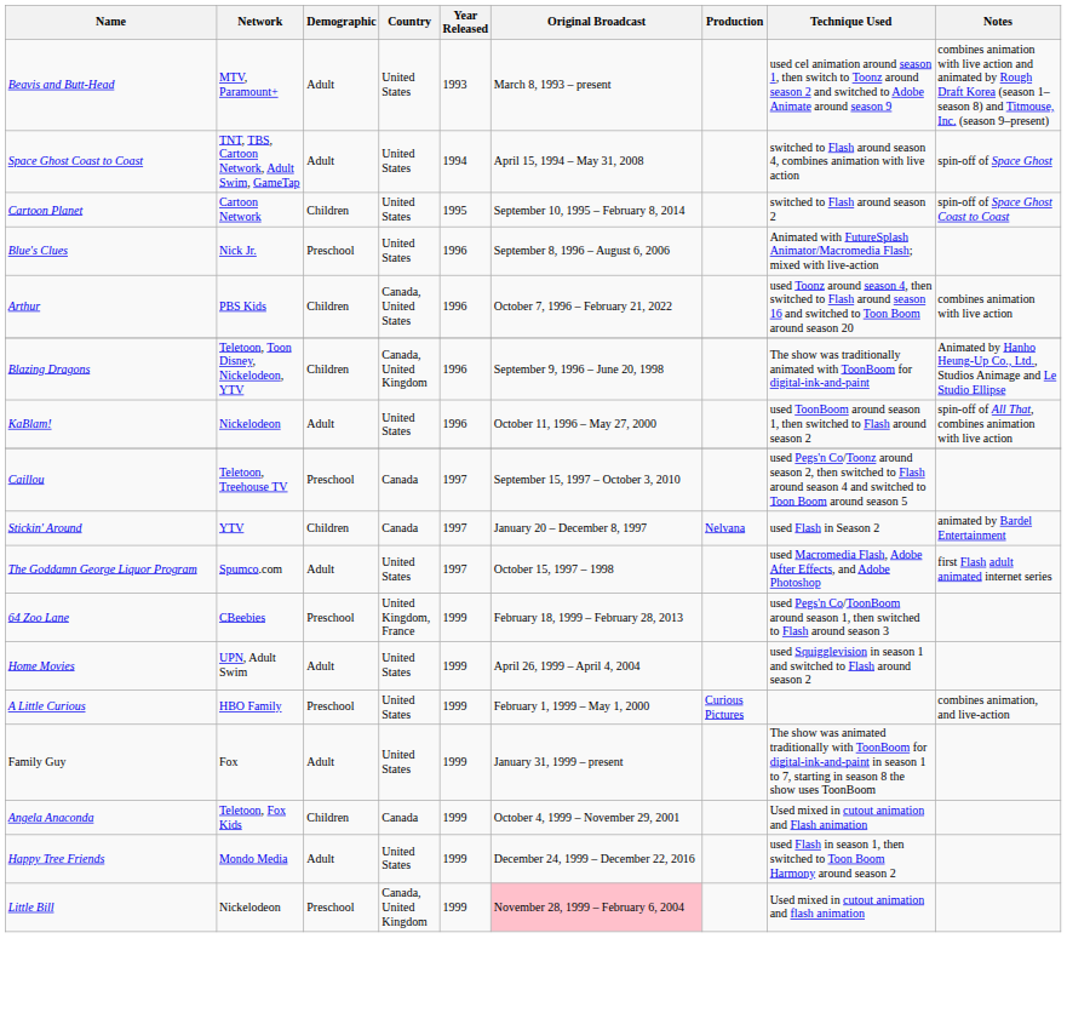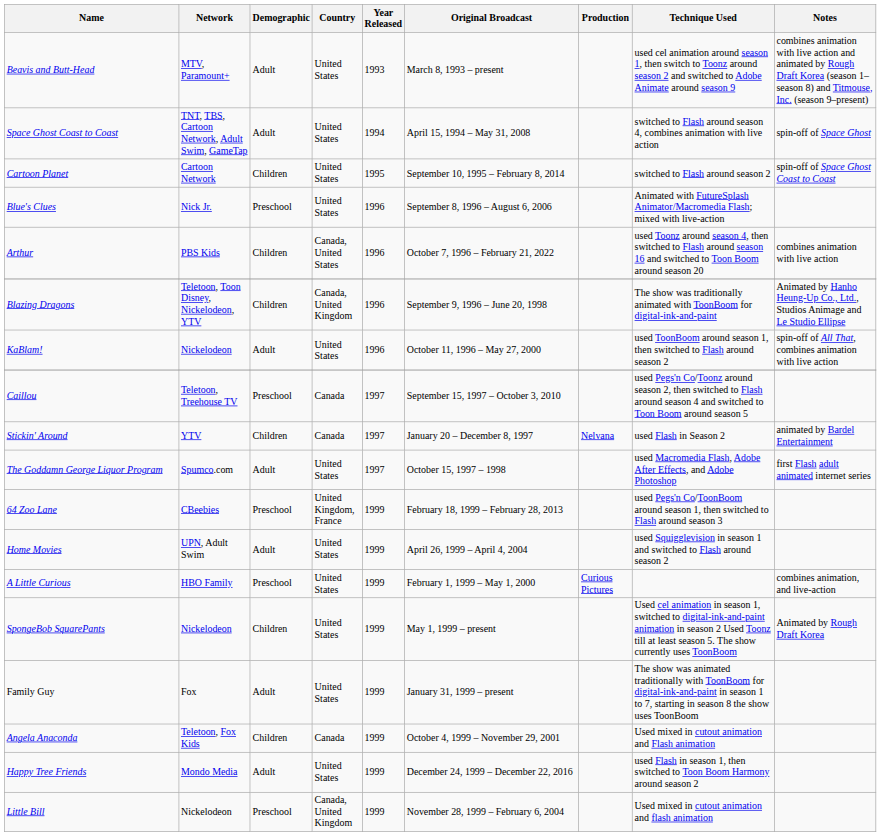 <table class="wikitable sortable" style="text-align: left; font-size:90%; width:100%;">
 <tr>
 <th style="width:20%">Name</th>
 <th>Network</th>
 <th>Demographic</th>
 <th>Country</th>
 <th>Year<br>Released</th>
 <th style="width:20%">Original Broadcast</th>
 <th>Production</th>
 <th>Technique Used</th>
 <th>Notes</th>
 </tr>
 <tr>
 <td><em><a href='#'>Beavis and Butt-Head</a></em></td>
 <td><a href='#'>MTV</a>, <a href='#'>Paramount+</a></td>
 <td>Adult</td>
 <td>United States</td>
 <td>1993</td>
 <td>March 8, 1993 – present</td>
 <td></td>
 <td>used cel animation around <a href='#'>season 1</a>, then switch to <a href='#'>Toonz</a> around <a href='#'>season 2</a> and switched to <a href='#'>Adobe Animate</a> around <a href='#'>season 9</a></td>
 <td>combines animation with live action  and animated by <a href='#'>Rough Draft Korea</a> (season 1–season 8) and <a href='#'>Titmouse, Inc.</a> (season 9–present)</td>
 </tr>
 <tr>
 <td><em><a href='#'>Space Ghost Coast to Coast</a></em></td>
 <td><a href='#'>TNT</a>, <a href='#'>TBS</a>, <a href='#'>Cartoon Network</a>, <a href='#'>Adult Swim</a>, <a href='#'>GameTap</a></td>
 <td>Adult</td>
 <td>United States</td>
 <td>1994</td>
 <td>April 15, 1994 – May 31, 2008</td>
 <td></td>
 <td>switched to <a href='#'>Flash</a> around season 4, combines animation with live action</td>
 <td>spin-off of <em><a href='#'>Space Ghost</a></em></td>
 </tr>
 <tr>
 <td><em><a href='#'>Cartoon Planet</a></em></td>
 <td><a href='#'>Cartoon Network</a></td>
 <td>Children</td>
 <td>United States</td>
 <td>1995</td>
 <td>September 10, 1995 – February 8, 2014</td>
 <td></td>
 <td>switched to <a href='#'>Flash</a> around season 2</td>
 <td>spin-off of <em><a href='#'>Space Ghost Coast to Coast</a></em></td>
 </tr>
 <tr>
 <td><em><a href='#'>Blue's Clues</a></em></td>
 <td><a href='#'>Nick Jr.</a></td>
 <td>Preschool</td>
 <td>United States</td>
 <td>1996</td>
 <td>September 8, 1996 – August 6, 2006</td>
 <td></td>
 <td>Animated with <a href='#'>FutureSplash Animator/Macromedia Flash</a>; mixed with live-action</td>
 </tr>
 <tr>
 <td><em><a href='#'>Arthur</a></em></td>
 <td><a href='#'>PBS Kids</a></td>
 <td>Children</td>
 <td>Canada, United States</td>
 <td>1996</td>
 <td>October 7, 1996 – February 21, 2022</td>
 <td></td>
 <td>used <a href='#'>Toonz</a> around <a href='#'>season 4</a>, then switched to <a href='#'>Flash</a> around <a href='#'>season 16</a> and switched to <a href='#'>Toon Boom</a> around season 20</td>
 <td>combines animation with live action</td>
 </tr>
 <tr>
 </tr>
 <tr>
 <td><em><a href='#'>Blazing Dragons</a></em></td>
 <td><a href='#'>Teletoon</a>, <a href='#'>Toon Disney</a>, <a href='#'>Nickelodeon</a>, <a href='#'>YTV</a></td>
 <td>Children</td>
 <td>Canada, United Kingdom</td>
 <td>1996</td>
 <td>September 9, 1996 – June 20, 1998</td>
 <td></td>
 <td>The show was traditionally animated with <a href='#'>ToonBoom</a> for <a href='#'>digital-ink-and-paint</a></td>
 <td>Animated by <a href='#'>Hanho Heung-Up Co., Ltd.</a>, Studios Animage and <a href='#'>Le Studio Ellipse</a></td>
 </tr>
 <tr>
 <td><em><a href='#'>KaBlam!</a></em></td>
 <td><a href='#'>Nickelodeon</a></td>
 <td>Adult</td>
 <td>United States</td>
 <td>1996</td>
 <td>October 11, 1996 – May 27, 2000</td>
 <td></td>
 <td>used <a href='#'>ToonBoom</a> around season 1, then switched to <a href='#'>Flash</a> around season 2</td>
 <td>spin-off of <em><a href='#'>All That</a></em>, combines animation with live action</td>
 </tr>
 <tr>
 </tr>
 <tr>
 </tr>
 <tr>
 <td><em><a href='#'>Caillou</a></em></td>
 <td><a href='#'>Teletoon</a>, <a href='#'>Treehouse TV</a></td>
 <td>Preschool</td>
 <td>Canada</td>
 <td>1997</td>
 <td>September 15, 1997 – October 3, 2010</td>
 <td></td>
 <td>used <a href='#'>Pegs'n Co</a>/<a href='#'>Toonz</a> around season 2, then switched to <a href='#'>Flash</a> around season 4 and switched to <a href='#'>Toon Boom</a> around season 5</td>
 <td></td>
 </tr>
 <tr>
 <td><em><a href='#'>Stickin' Around</a></em></td>
 <td><a href='#'>YTV</a></td>
 <td>Children</td>
 <td>Canada</td>
 <td>1997</td>
 <td>January 20 – December 8, 1997</td>
 <td><a href='#'>Nelvana</a></td>
 <td>used <a href='#'>Flash</a> in Season 2</td>
 <td>animated by <a href='#'>Bardel Entertainment</a></td>
 </tr>
 <tr>
 <td><em><a href='#'>The Goddamn George Liquor Program</a></em></td>
 <td><a href='#'>Spumco</a>.com</td>
 <td>Adult</td>
 <td>United States</td>
 <td>1997</td>
 <td>October 15, 1997 – 1998</td>
 <td></td>
 <td>used <a href='#'>Macromedia Flash</a>, <a href='#'>Adobe After Effects</a>, and <a href='#'>Adobe Photoshop</a></td>
 <td>first <a href='#'>Flash</a> <a href='#'>adult animated</a> internet series</td>
 </tr>
 <tr>
 <td><em><a href='#'>64 Zoo Lane</a></em></td>
 <td><a href='#'>CBeebies</a></td>
 <td>Preschool</td>
 <td>United Kingdom, France</td>
 <td>1999</td>
 <td>February 18, 1999 – February 28, 2013</td>
 <td></td>
 <td>used <a href='#'>Pegs'n Co</a>/<a href='#'>ToonBoom</a> around season 1, then switched to <a href='#'>Flash</a> around season 3</td>
 <td></td>
 </tr>
 <tr>
 <td><em><a href='#'>Home Movies</a></em></td>
 <td><a href='#'>UPN</a>, Adult Swim</td>
 <td>Adult</td>
 <td>United States</td>
 <td>1999</td>
 <td>April 26, 1999 – April 4, 2004</td>
 <td></td>
 <td>used <a href='#'>Squigglevision</a> in season 1 and switched to <a href='#'>Flash</a> around season 2</td>
 <td></td>
 </tr>
 <tr>
 <td><em><a href='#'>A Little Curious</a></em></td>
 <td><a href='#'>HBO Family</a></td>
 <td>Preschool</td>
 <td>United States</td>
 <td>1999</td>
 <td>February 1, 1999 – May 1, 2000</td>
 <td><a href='#'>Curious Pictures</a></td>
 <td></td>
 <td>combines animation, and live-action</td>
 </tr>
 <tr>
+<td><em><a href='#'>SpongeBob SquarePants</a></em></td>
+<td><a href='#'>Nickelodeon</a></td>
+<td>Children</td>
+<td>United States</td>
+<td>1999</td>
+<td>May 1, 1999 – present</td>
+<td></td>
+<td>Used <a href='#'>cel animation</a> in season 1, switched to <a href='#'>digital-ink-and-paint animation</a> in season 2 Used <a href='#'>Toonz</a> till at least season 5. The show currently uses <a href='#'>ToonBoom</a></td>
+<td>Animated by <a href='#'>Rough Draft Korea</a></td>
+</tr>
+<tr>
 <td>Family Guy</td>
 <td>Fox</td>
 <td>Adult</td>
 <td>United States</td>
 <td>1999</td>
 <td>January 31, 1999 – present</td>
 <td></td>
 <td>The show was animated traditionally with <a href='#'>ToonBoom</a> for <a href='#'>digital-ink-and-paint</a> in season 1 to 7, starting in season 8 the show uses ToonBoom</td>
 <td></td>
 </tr>
 <tr>
 <td><em><a href='#'>Angela Anaconda</a></em></td>
 <td><a href='#'>Teletoon</a>, <a href='#'>Fox Kids</a></td>
 <td>Children</td>
 <td>Canada</td>
 <td>1999</td>
 <td>October 4, 1999 – November 29, 2001</td>
 <td></td>
 <td>Used mixed in <a href='#'>cutout animation</a> and <a href='#'>Flash animation</a></td>
 <td></td>
 </tr>
 <tr>
 <td><em><a href='#'>Happy Tree Friends</a></em></td>
 <td><a href='#'>Mondo Media</a></td>
 <td>Adult</td>
 <td>United States</td>
 <td>1999</td>
 <td>December 24, 1999 – December 22, 2016</td>
 <td></td>
 <td>used <a href='#'>Flash</a> in season 1, then switched to <a href='#'>Toon Boom Harmony</a> around season 2</td>
 <td></td>
 </tr>
 <tr>
 <td><em><a href='#'>Little Bill</a></em></td>
 <td>Nickelodeon</td>
 <td>Preschool</td>
 <td>Canada, United Kingdom</td>
 <td>1999</td>
-<td style="background: pink;">November 28, 1999 – February 6, 2004</td>
+<td>November 28, 1999 – February 6, 2004</td>
 <td></td>
 <td>Used mixed in <a href='#'>cutout animation</a> and <a href='#'>flash animation</a></td>
 <td></td>
 </tr>
 </table>
